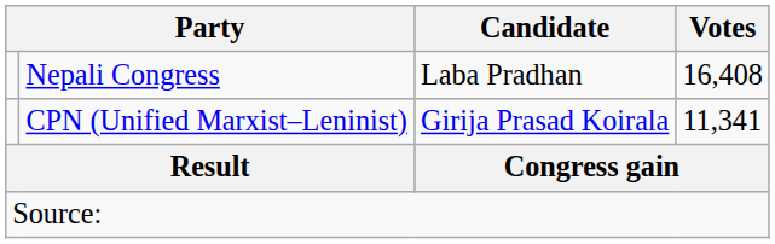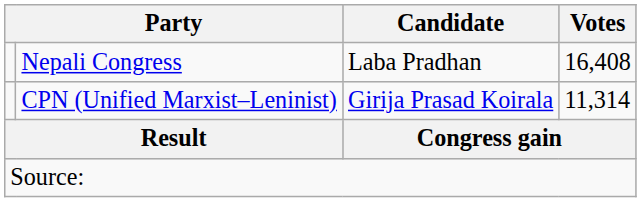 <table class="wikitable">
 <tr>
 <th colspan="2">Party</th>
 <th>Candidate</th>
 <th>Votes</th>
 </tr>
 <tr>
 <td style="background-color:"></td>
 <td><a href='#'>Nepali Congress</a></td>
 <td>Laba Pradhan</td>
 <td>16,408</td>
 </tr>
 <tr>
 <td style="background-color:"></td>
 <td><a href='#'>CPN (Unified Marxist–Leninist)</a></td>
 <td><a href='#'>Girija Prasad Koirala</a></td>
-<td>11,341</td>
+<td>11,314</td>
 </tr>
 <tr>
 <th colspan="2">Result</th>
 <th colspan="2">Congress gain</th>
 </tr>
 <tr>
 <td colspan="4">Source: </td>
 </tr>
 </table>
